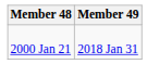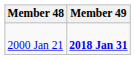 <table class=wikitable align=right>
 <tr>
 <th>Member 48</th>
 <th>Member 49</th>
 </tr>
 <tr>
 <td><br><a href='#'>2000 Jan 21</a></td>
-<td><br><a href='#'>2018 Jan 31</a></td>
+<td><strong><br><a href='#'>2018 Jan 31</a></strong></td>
 </tr>
 </table>
